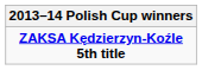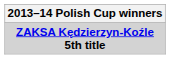 <table class=wikitable style="text-align:center; margin:auto">
 <tr>
 <th>2013–14 Polish Cup winners</th>
 </tr>
 <tr>
-<td><strong><a href='#'>ZAKSA Kędzierzyn-Koźle</a></strong><br><strong>5th title</strong></td>
+<td style="background: lightgrey;"><strong><a href='#'>ZAKSA Kędzierzyn-Koźle</a></strong><br><strong>5th title</strong></td>
 </tr>
 </table>
